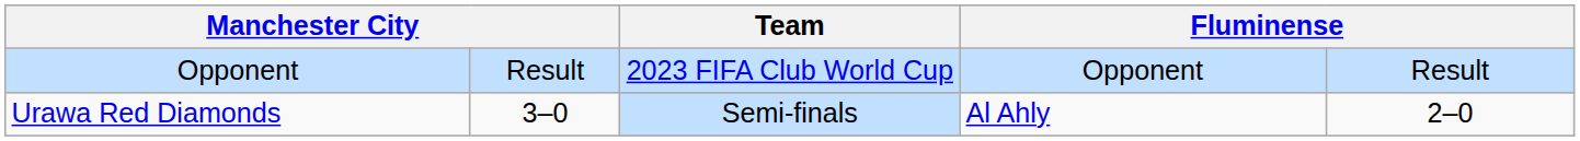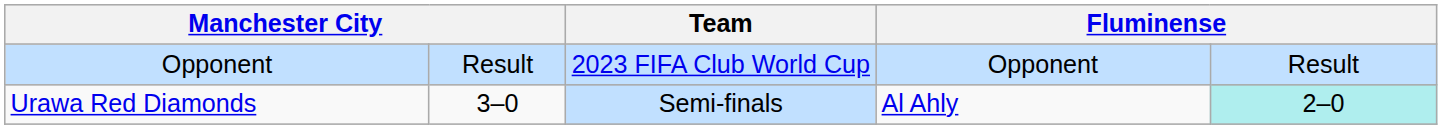 <table class="wikitable">
 <tr>
 <th width=350 colspan=2> <a href='#'>Manchester City</a></th>
 <th>Team</th>
 <th width=350 colspan=2> <a href='#'>Fluminense</a></th>
 </tr>
 <tr style="background:#C1E0FF">
 <td align=center>Opponent</td>
 <td align=center>Result</td>
 <td align=center><a href='#'>2023 FIFA Club World Cup</a></td>
 <td align=center>Opponent</td>
 <td align=center>Result</td>
 </tr>
 <tr>
 <td> <a href='#'>Urawa Red Diamonds</a></td>
 <td align=center>3–0</td>
 <td align=center style="background:#C1E0FF">Semi-finals</td>
 <td> <a href='#'>Al Ahly</a></td>
-<td align=center>2–0</td>
+<td align=center style="background: paleturquoise;">2–0</td>
 </tr>
 </table>
